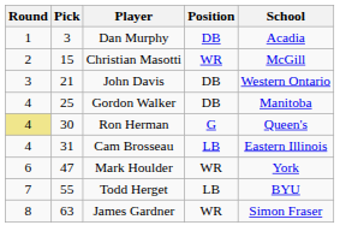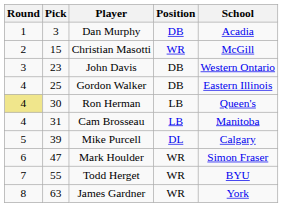 <table class="wikitable" style="text-align:center">
 <tr>
 <th scope="col">Round</th>
 <th scope="col">Pick</th>
 <th scope="col">Player</th>
 <th scope="col">Position</th>
 <th scope="col">School</th>
 </tr>
 <tr>
 <td>1</td>
 <td>3</td>
 <td>Dan Murphy</td>
 <td><a href='#'>DB</a></td>
 <td><a href='#'>Acadia</a></td>
 </tr>
 <tr>
 <td>2</td>
 <td>15</td>
 <td>Christian Masotti</td>
 <td><a href='#'>WR</a></td>
 <td><a href='#'>McGill</a></td>
 </tr>
 <tr>
 <td>3</td>
-<td>21</td>
+<td>23</td>
 <td>John Davis</td>
 <td>DB</td>
 <td><a href='#'>Western Ontario</a></td>
 </tr>
 <tr>
 <td>4</td>
 <td>25</td>
 <td>Gordon Walker</td>
 <td>DB</td>
-<td><a href='#'>Manitoba</a></td>
+<td><a href='#'>Eastern Illinois</a></td>
 </tr>
 <tr>
 <td style="background: khaki;">4</td>
 <td>30</td>
 <td>Ron Herman</td>
-<td><a href='#'>G</a></td>
+<td>LB</td>
 <td><a href='#'>Queen's</a></td>
 </tr>
 <tr>
 <td>4</td>
 <td>31</td>
 <td>Cam Brosseau</td>
 <td><a href='#'>LB</a></td>
-<td><a href='#'>Eastern Illinois</a></td>
+<td><a href='#'>Manitoba</a></td>
+</tr>
+<tr>
+<td>5</td>
+<td>39</td>
+<td>Mike Purcell</td>
+<td><a href='#'>DL</a></td>
+<td><a href='#'>Calgary</a></td>
 </tr>
 <tr>
 <td>6</td>
 <td>47</td>
 <td>Mark Houlder</td>
 <td>WR</td>
-<td><a href='#'>York</a></td>
+<td><a href='#'>Simon Fraser</a></td>
 </tr>
 <tr>
 <td>7</td>
 <td>55</td>
 <td>Todd Herget</td>
-<td>LB</td>
+<td>WR</td>
 <td><a href='#'>BYU</a></td>
 </tr>
 <tr>
 <td>8</td>
 <td>63</td>
 <td>James Gardner</td>
 <td>WR</td>
-<td><a href='#'>Simon Fraser</a></td>
+<td><a href='#'>York</a></td>
 </tr>
 </table>
